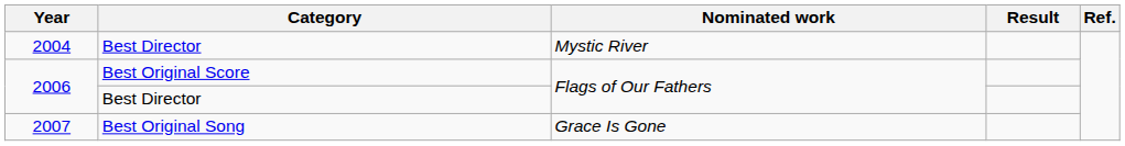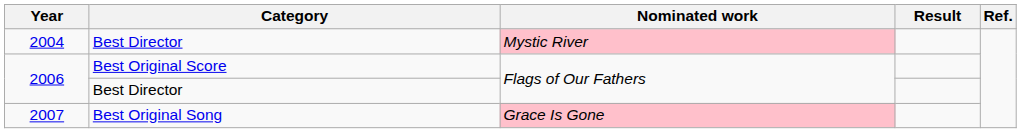 <table class=wikitable>
 <tr>
 <th scope="col" style="width:5em;">Year</th>
 <th scope="col" style="width:26em;">Category</th>
 <th scope="col" style="width:25em;">Nominated work</th>
 <th scope="col" style="width:5em;">Result</th>
 <th>Ref.</th>
 </tr>
 <tr>
 <td style="text-align:center;"><a href='#'>2004</a></td>
 <td><a href='#'>Best Director</a></td>
-<td><em>Mystic River</em></td>
+<td style="background: pink;"><em>Mystic River</em></td>
 <td></td>
 <td rowspan=4></td>
 </tr>
 <tr>
 <td style="text-align:center;", rowspan="2"><a href='#'>2006</a></td>
 <td><a href='#'>Best Original Score</a></td>
 <td rowspan="2"><em>Flags of Our Fathers</em></td>
 <td></td>
 </tr>
 <tr>
 <td>Best Director</td>
 <td></td>
 </tr>
 <tr>
 <td style="text-align:center;"><a href='#'>2007</a></td>
 <td><a href='#'>Best Original Song</a></td>
-<td><em>Grace Is Gone</em></td>
+<td style="background: pink;"><em>Grace Is Gone</em></td>
 <td></td>
 </tr>
 </table>
